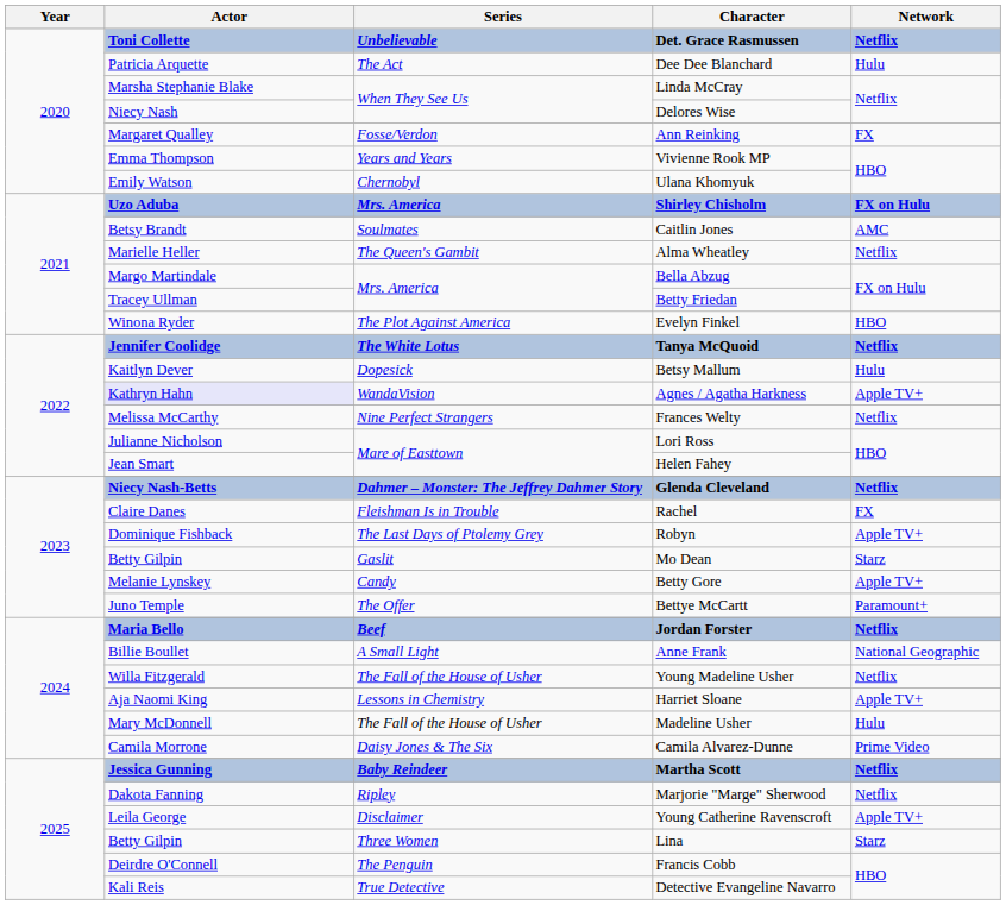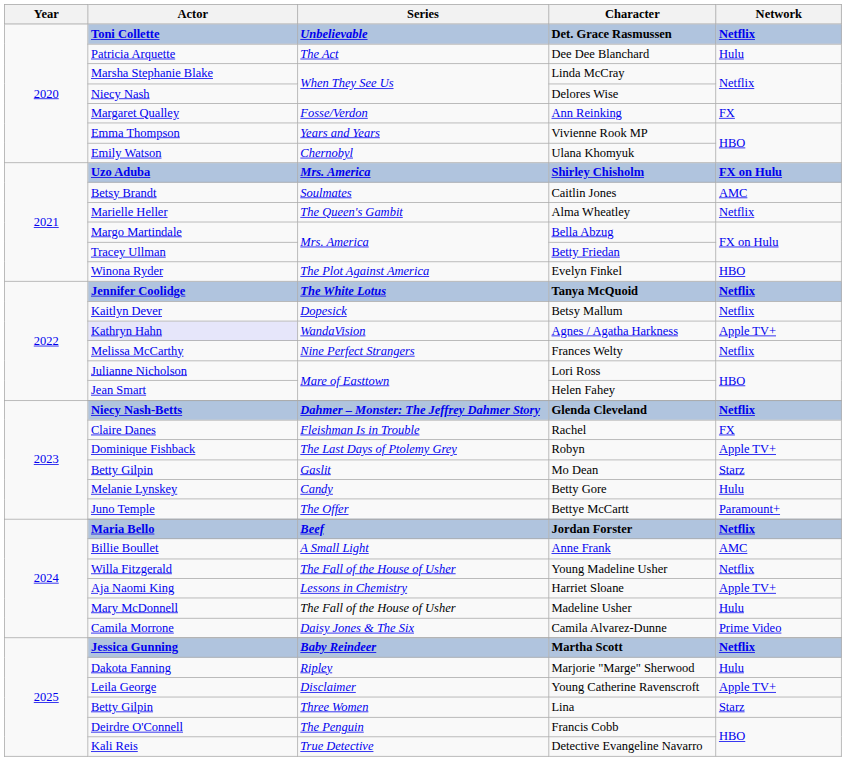 <table class="wikitable" style="width:85%">
 <tr style="background:#bebebe;">
 <th style="width:10%;">Year</th>
 <th style="wodth:25%;">Actor</th>
 <th style="width:30%;">Series</th>
 <th style="width:20%;">Character</th>
 <th style="width:15%;">Network</th>
 </tr>
 <tr>
 <td rowspan="7" style="text-align:center;"><a href='#'>2020</a><br></td>
 <td style="background:#B0C4DE;"><strong><a href='#'>Toni Collette</a></strong></td>
 <td style="background:#B0C4DE;"><strong><em><a href='#'>Unbelievable</a></em></strong></td>
 <td style="background:#B0C4DE;"><strong>Det. Grace Rasmussen</strong></td>
 <td style="background:#B0C4DE;"><strong><a href='#'>Netflix</a></strong></td>
 </tr>
 <tr>
 <td><a href='#'>Patricia Arquette</a></td>
 <td><em><a href='#'>The Act</a></em></td>
 <td>Dee Dee Blanchard</td>
 <td><a href='#'>Hulu</a></td>
 </tr>
 <tr>
 <td><a href='#'>Marsha Stephanie Blake</a></td>
 <td rowspan="2"><em><a href='#'>When They See Us</a></em></td>
 <td>Linda McCray</td>
 <td rowspan="2"><a href='#'>Netflix</a></td>
 </tr>
 <tr>
 <td><a href='#'>Niecy Nash</a></td>
 <td>Delores Wise</td>
 </tr>
 <tr>
 <td><a href='#'>Margaret Qualley</a></td>
 <td><em><a href='#'>Fosse/Verdon</a></em></td>
 <td><a href='#'>Ann Reinking</a></td>
 <td><a href='#'>FX</a></td>
 </tr>
 <tr>
 <td><a href='#'>Emma Thompson</a></td>
 <td><em><a href='#'>Years and Years</a></em></td>
 <td>Vivienne Rook MP</td>
 <td rowspan="2"><a href='#'>HBO</a></td>
 </tr>
 <tr>
 <td><a href='#'>Emily Watson</a></td>
 <td><em><a href='#'>Chernobyl</a></em></td>
 <td>Ulana Khomyuk</td>
 </tr>
 <tr>
 <td rowspan="6" style="text-align:center;"><a href='#'>2021</a><br></td>
 <td style="background:#B0C4DE;"><strong><a href='#'>Uzo Aduba</a></strong></td>
 <td style="background:#B0C4DE;"><strong><em><a href='#'>Mrs. America</a></em></strong></td>
 <td style="background:#B0C4DE;"><strong><a href='#'>Shirley Chisholm</a></strong></td>
 <td style="background:#B0C4DE;"><strong><a href='#'>FX on Hulu</a></strong></td>
 </tr>
 <tr>
 <td><a href='#'>Betsy Brandt</a></td>
 <td><em><a href='#'>Soulmates</a></em></td>
 <td>Caitlin Jones</td>
 <td><a href='#'>AMC</a></td>
 </tr>
 <tr>
 <td><a href='#'>Marielle Heller</a></td>
 <td><em><a href='#'>The Queen's Gambit</a></em></td>
 <td>Alma Wheatley</td>
 <td><a href='#'>Netflix</a></td>
 </tr>
 <tr>
 <td><a href='#'>Margo Martindale</a></td>
 <td rowspan="2"><em><a href='#'>Mrs. America</a></em></td>
 <td><a href='#'>Bella Abzug</a></td>
 <td rowspan="2"><a href='#'>FX on Hulu</a></td>
 </tr>
 <tr>
 <td><a href='#'>Tracey Ullman</a></td>
 <td><a href='#'>Betty Friedan</a></td>
 </tr>
 <tr>
 <td><a href='#'>Winona Ryder</a></td>
 <td><em><a href='#'>The Plot Against America</a></em></td>
 <td>Evelyn Finkel</td>
 <td><a href='#'>HBO</a></td>
 </tr>
 <tr>
 <td rowspan="6" style="text-align:center;"><a href='#'>2022</a><br></td>
 <td style="background:#B0C4DE;"><strong><a href='#'>Jennifer Coolidge</a></strong></td>
 <td style="background:#B0C4DE;"><strong><em><a href='#'>The White Lotus</a></em></strong></td>
 <td style="background:#B0C4DE;"><strong>Tanya McQuoid</strong></td>
 <td style="background:#B0C4DE;"><strong><a href='#'>Netflix</a></strong></td>
 </tr>
 <tr>
 <td><a href='#'>Kaitlyn Dever</a></td>
 <td><em><a href='#'>Dopesick</a></em></td>
 <td>Betsy Mallum</td>
-<td><a href='#'>Hulu</a></td>
+<td><a href='#'>Netflix</a></td>
 </tr>
 <tr>
 <td style="background: lavender;"><a href='#'>Kathryn Hahn</a></td>
 <td><em><a href='#'>WandaVision</a></em></td>
 <td><a href='#'>Agnes / Agatha Harkness</a></td>
 <td><a href='#'>Apple TV+</a></td>
 </tr>
 <tr>
 <td><a href='#'>Melissa McCarthy</a></td>
 <td><em><a href='#'>Nine Perfect Strangers</a></em></td>
 <td>Frances Welty</td>
 <td><a href='#'>Netflix</a></td>
 </tr>
 <tr>
 <td><a href='#'>Julianne Nicholson</a></td>
 <td rowspan="2"><em><a href='#'>Mare of Easttown</a></em></td>
 <td>Lori Ross</td>
 <td rowspan="2"><a href='#'>HBO</a></td>
 </tr>
 <tr>
 <td><a href='#'>Jean Smart</a></td>
 <td>Helen Fahey</td>
 </tr>
 <tr>
 <td rowspan="7" style="text-align:center;"><a href='#'>2023</a><br></td>
 </tr>
 <tr style="background:#B0C4DE;">
 <td><strong><a href='#'>Niecy Nash-Betts</a></strong></td>
 <td><strong><em><a href='#'>Dahmer – Monster: The Jeffrey Dahmer Story</a></em></strong></td>
 <td><strong>Glenda Cleveland</strong></td>
 <td><strong><a href='#'>Netflix</a></strong></td>
 </tr>
 <tr>
 <td><a href='#'>Claire Danes</a></td>
 <td><em><a href='#'>Fleishman Is in Trouble</a></em></td>
 <td>Rachel</td>
 <td><a href='#'>FX</a></td>
 </tr>
 <tr>
 <td><a href='#'>Dominique Fishback</a></td>
 <td><em><a href='#'>The Last Days of Ptolemy Grey</a></em></td>
 <td>Robyn</td>
 <td><a href='#'>Apple TV+</a></td>
 </tr>
 <tr>
 <td><a href='#'>Betty Gilpin</a></td>
 <td><em><a href='#'>Gaslit</a></em></td>
 <td>Mo Dean</td>
 <td><a href='#'>Starz</a></td>
 </tr>
 <tr>
 <td><a href='#'>Melanie Lynskey</a></td>
 <td><em><a href='#'>Candy</a></em></td>
 <td>Betty Gore</td>
-<td><a href='#'>Apple TV+</a></td>
+<td><a href='#'>Hulu</a></td>
 </tr>
 <tr>
 <td><a href='#'>Juno Temple</a></td>
 <td><em><a href='#'>The Offer</a></em></td>
 <td>Bettye McCartt</td>
 <td><a href='#'>Paramount+</a></td>
 </tr>
 <tr>
 <td rowspan="7" style="text-align:center;"><a href='#'>2024</a><br></td>
 </tr>
 <tr style="background:#B0C4DE;">
 <td><strong><a href='#'>Maria Bello</a></strong></td>
 <td><strong><em><a href='#'>Beef</a></em></strong></td>
 <td><strong>Jordan Forster</strong></td>
 <td><strong><a href='#'>Netflix</a></strong></td>
 </tr>
 <tr>
 <td><a href='#'>Billie Boullet</a></td>
 <td><em><a href='#'>A Small Light</a></em></td>
 <td><a href='#'>Anne Frank</a></td>
-<td><a href='#'>National Geographic</a></td>
+<td><a href='#'>AMC</a></td>
 </tr>
 <tr>
 <td><a href='#'>Willa Fitzgerald</a></td>
 <td><em><a href='#'>The Fall of the House of Usher</a></em></td>
 <td>Young Madeline Usher</td>
 <td><a href='#'>Netflix</a></td>
 </tr>
 <tr>
 <td><a href='#'>Aja Naomi King</a></td>
 <td><em><a href='#'>Lessons in Chemistry</a></em></td>
 <td>Harriet Sloane</td>
 <td><a href='#'>Apple TV+</a></td>
 </tr>
 <tr>
 <td><a href='#'>Mary McDonnell</a></td>
 <td><em>The Fall of the House of Usher</em></td>
 <td>Madeline Usher</td>
 <td><a href='#'>Hulu</a></td>
 </tr>
 <tr>
 <td><a href='#'>Camila Morrone</a></td>
 <td><em><a href='#'>Daisy Jones & The Six</a></em></td>
 <td>Camila Alvarez-Dunne</td>
 <td><a href='#'>Prime Video</a></td>
 </tr>
 <tr>
 <td rowspan="7" style="text-align:center;"><a href='#'>2025</a><br></td>
 </tr>
 <tr style="background:#B0C4DE;">
 <td><strong><a href='#'>Jessica Gunning</a></strong></td>
 <td><strong><em><a href='#'>Baby Reindeer</a></em></strong></td>
 <td><strong>Martha Scott</strong></td>
 <td><strong><a href='#'>Netflix</a></strong></td>
 </tr>
 <tr>
 <td><a href='#'>Dakota Fanning</a></td>
 <td><em><a href='#'>Ripley</a></em></td>
 <td>Marjorie "Marge" Sherwood</td>
-<td><a href='#'>Netflix</a></td>
+<td><a href='#'>Hulu</a></td>
 </tr>
 <tr>
 <td><a href='#'>Leila George</a></td>
 <td><em><a href='#'>Disclaimer</a></em></td>
 <td>Young Catherine Ravenscroft</td>
 <td><a href='#'>Apple TV+</a></td>
 </tr>
 <tr>
 <td><a href='#'>Betty Gilpin</a></td>
 <td><em><a href='#'>Three Women</a></em></td>
 <td>Lina</td>
 <td><a href='#'>Starz</a></td>
 </tr>
 <tr>
 <td><a href='#'>Deirdre O'Connell</a></td>
 <td><em><a href='#'>The Penguin</a></em></td>
 <td>Francis Cobb</td>
 <td rowspan="2"><a href='#'>HBO</a></td>
 </tr>
 <tr>
 <td><a href='#'>Kali Reis</a></td>
 <td><em><a href='#'>True Detective</a></em></td>
 <td>Detective Evangeline Navarro</td>
 </tr>
 </table>
